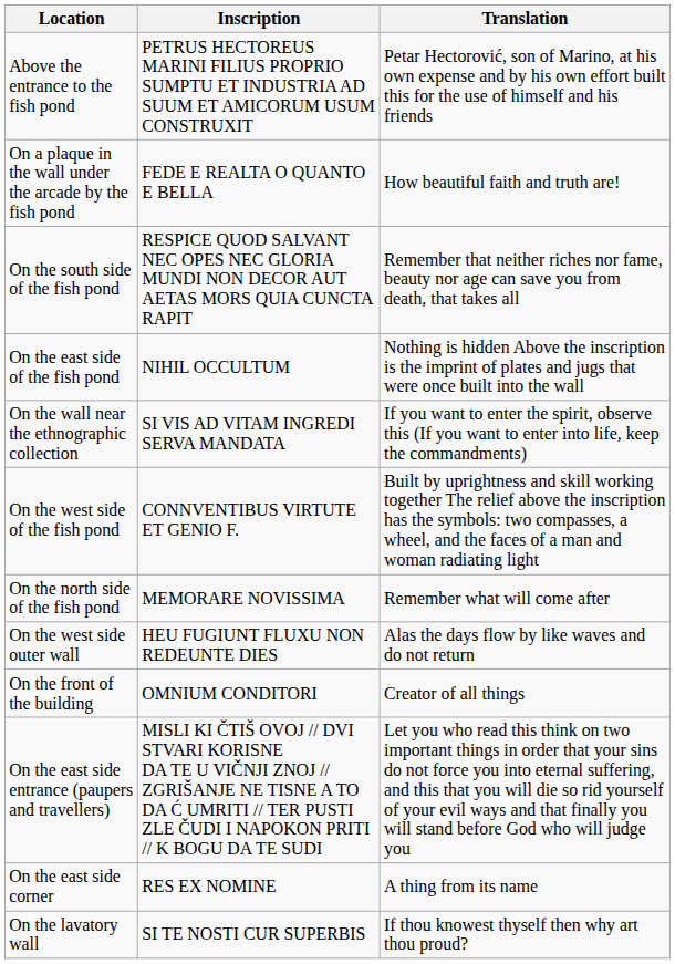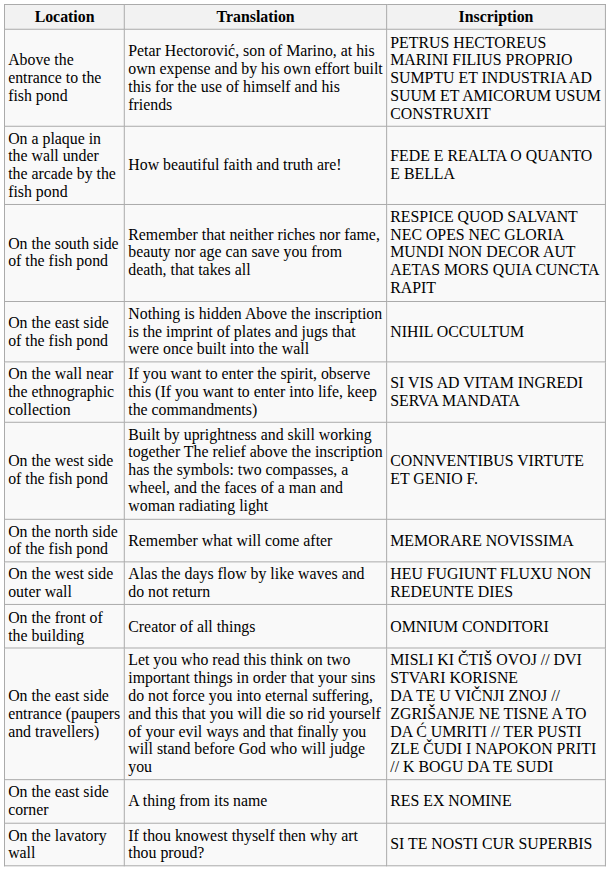 <table class="wikitable" border="1">
 <tr>
 <th>Location</th>
+<th>Translation</th>
 <th>Inscription</th>
-<th>Translation</th>
 </tr>
 <tr>
 <td>Above the entrance to the fish pond</td>
+<td>Petar Hectorović, son of Marino, at his own expense and by his own effort built this for the use of himself and his friends</td>
 <td>PETRUS HECTOREUS MARINI FILIUS PROPRIO SUMPTU ET INDUSTRIA AD SUUM ET AMICORUM USUM CONSTRUXIT</td>
-<td>Petar Hectorović, son of Marino, at his own expense and by his own effort built this for the use of himself and his friends</td>
 </tr>
 <tr>
 <td>On a plaque in the wall under the arcade by the fish pond</td>
+<td>How beautiful faith and truth are!</td>
 <td>FEDE E REALTA O QUANTO E BELLA</td>
-<td>How beautiful faith and truth are!</td>
 </tr>
 <tr>
 <td>On the south side of the fish pond</td>
+<td>Remember that neither riches nor fame, beauty nor age can save you from death, that takes all</td>
 <td>RESPICE QUOD SALVANT NEC OPES NEC GLORIA MUNDI NON DECOR AUT AETAS MORS QUIA CUNCTA RAPIT</td>
-<td>Remember that neither riches nor fame, beauty nor age can save you from death, that takes all</td>
 </tr>
 <tr>
 <td>On the east side of the fish pond</td>
+<td>Nothing is hidden Above the inscription is the imprint of plates and jugs that were once built into the wall</td>
 <td>NIHIL OCCULTUM</td>
-<td>Nothing is hidden Above the inscription is the imprint of plates and jugs that were once built into the wall</td>
 </tr>
 <tr>
 <td>On the wall near the ethnographic collection</td>
+<td>If you want to enter the spirit, observe this (If you want to enter into life, keep the commandments)</td>
 <td>SI VIS AD VITAM INGREDI SERVA MANDATA</td>
-<td>If you want to enter the spirit, observe this (If you want to enter into life, keep the commandments)</td>
 </tr>
 <tr>
 <td>On the west side of the fish pond</td>
+<td>Built by uprightness and skill working together The relief above the inscription has the symbols: two compasses, a wheel, and the faces of a man and woman radiating light</td>
 <td>CONNVENTIBUS VIRTUTE ET GENIO F.</td>
-<td>Built by uprightness and skill working together The relief above the inscription has the symbols: two compasses, a wheel, and the faces of a man and woman radiating light</td>
 </tr>
 <tr>
 <td>On the north side of the fish pond</td>
+<td>Remember what will come after</td>
 <td>MEMORARE NOVISSIMA</td>
-<td>Remember what will come after</td>
 </tr>
 <tr>
 <td>On the west side outer wall</td>
+<td>Alas the days flow by like waves and do not return</td>
 <td>HEU FUGIUNT FLUXU NON REDEUNTE DIES</td>
-<td>Alas the days flow by like waves and do not return</td>
 </tr>
 <tr>
 <td>On the front of the building</td>
+<td>Creator of all things</td>
 <td>OMNIUM CONDITORI</td>
-<td>Creator of all things</td>
 </tr>
 <tr>
 <td>On the east side entrance (paupers and travellers)</td>
+<td>Let you who read this think on two important things in order that your sins do not force you into eternal suffering, and this that you will die so rid yourself of your evil ways and that finally you will stand before God who will judge you</td>
 <td>MISLI KI ČTIŠ OVOJ // DVI STVARI KORISNE<br>DA TE U VIČNJI ZNOJ // ZGRIŠANJE NE TISNE A TO DA Ć UMRITI // TER PUSTI ZLE ČUDI I NAPOKON PRITI // K BOGU DA TE SUDI</td>
-<td>Let you who read this think on two important things in order that your sins do not force you into eternal suffering, and this that you will die so rid yourself of your evil ways and that finally you will stand before God who will judge you</td>
 </tr>
 <tr>
 <td>On the east side corner</td>
+<td>A thing from its name</td>
 <td>RES EX NOMINE</td>
-<td>A thing from its name</td>
 </tr>
 <tr>
 <td>On the lavatory wall</td>
+<td>If thou knowest thyself then why art thou proud?</td>
 <td>SI TE NOSTI CUR SUPERBIS</td>
-<td>If thou knowest thyself then why art thou proud?</td>
 </tr>
 </table>
